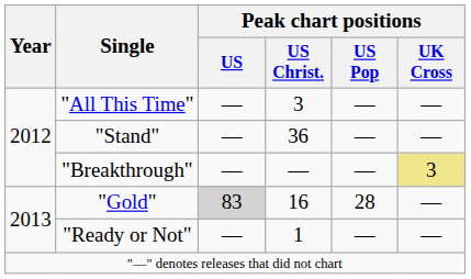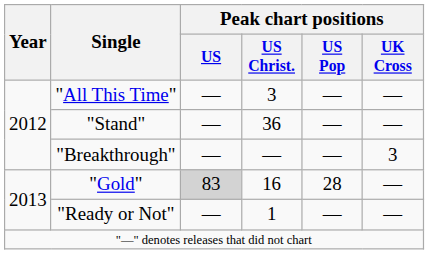 <table class="wikitable" style="text-align:center;">
 <tr>
 <th rowspan="2">Year</th>
 <th rowspan="2">Single</th>
 <th colspan="4">Peak chart positions</th>
 </tr>
 <tr style="font-size:smaller;">
 <th width="45"><a href='#'>US</a></th>
 <th width="45"><a href='#'>US<br>Christ.</a></th>
 <th width="45"><a href='#'>US<br>Pop</a></th>
 <th width="45"><a href='#'>UK<br>Cross</a></th>
 </tr>
 <tr>
 <td rowspan=3>2012</td>
 <td scope="row">"<a href='#'>All This Time</a>"</td>
 <td>—</td>
 <td>3</td>
 <td>—</td>
 <td>—</td>
 </tr>
 <tr>
 <td scope="row">"Stand"</td>
 <td>—</td>
 <td>36</td>
 <td>—</td>
 <td>—</td>
 </tr>
 <tr>
 <td scope="row">"Breakthrough"</td>
 <td>—</td>
 <td>—</td>
 <td>—</td>
-<td style="background: khaki;">3</td>
+<td>3</td>
 </tr>
 <tr>
 <td rowspan=2>2013</td>
 <td scope="row">"<a href='#'>Gold</a>"</td>
 <td style="background: lightgrey;">83</td>
 <td>16</td>
 <td>28</td>
 <td>—</td>
 </tr>
 <tr>
 <td scope="row">"Ready or Not"</td>
 <td>—</td>
 <td>1</td>
 <td>—</td>
 <td>—</td>
 </tr>
 <tr>
 <td colspan="9" style="font-size:8pt">"—" denotes releases that did not chart</td>
 </tr>
 </table>
